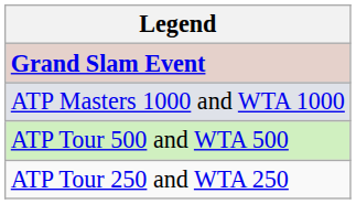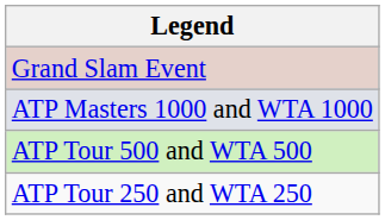 <table class="wikitable">
 <tr>
 <th>Legend</th>
 </tr>
 <tr style=background:#e5d1cb;>
-<td><strong><a href='#'>Grand Slam Event</a></strong></td>
+<td><a href='#'>Grand Slam Event</a></td>
 </tr>
 <tr style=background:#dfe2e9;>
 <td><a href='#'>ATP Masters 1000</a> and <a href='#'>WTA 1000</a></td>
 </tr>
 <tr style=background:#d0f0c0;>
 <td><a href='#'>ATP Tour 500</a> and <a href='#'>WTA 500</a></td>
 </tr>
 <tr group4style=background:#ffffff;>
 <td><a href='#'>ATP Tour 250</a> and <a href='#'>WTA 250</a></td>
 </tr>
 </table>
